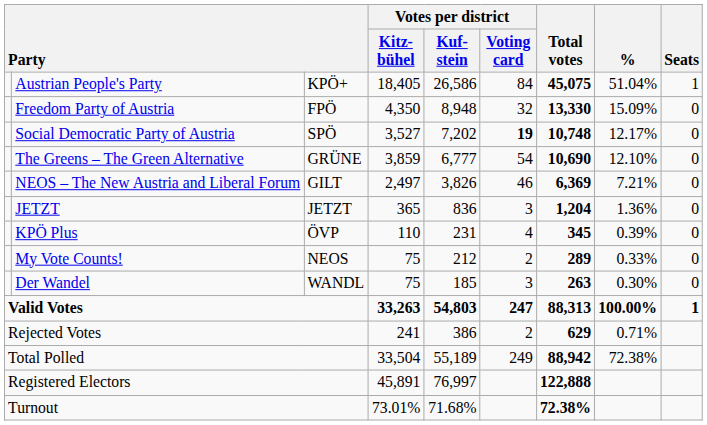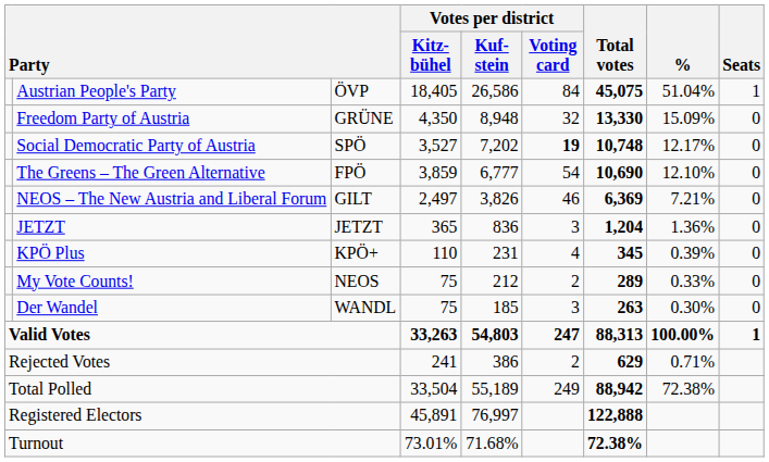 <table class="wikitable" border="1" style="text-align:right;">
 <tr>
 <th style="text-align:left;" valign=bottom rowspan=2 colspan=3>Party</th>
 <th colspan=3>Votes per district</th>
 <th align=center valign=bottom rowspan=2 width="50">Total<br>votes</th>
 <th align=center valign=bottom rowspan=2 width="50">%</th>
 <th align=center valign=bottom rowspan=2>Seats</th>
 </tr>
 <tr>
 <th align=center valign=bottom width="50"><a href='#'>Kitz-<br>bühel</a></th>
 <th align=center valign=bottom width="50"><a href='#'>Kuf-<br>stein</a></th>
 <th align=center valign=bottom width="50"><a href='#'>Voting<br>card</a></th>
 </tr>
 <tr>
 <td></td>
 <td align=left><a href='#'>Austrian People's Party</a></td>
-<td align=left>KPÖ+</td>
+<td align=left>ÖVP</td>
 <td>18,405</td>
 <td>26,586</td>
 <td>84</td>
 <td><strong>45,075</strong></td>
 <td>51.04%</td>
 <td>1</td>
 </tr>
 <tr>
 <td></td>
 <td align=left><a href='#'>Freedom Party of Austria</a></td>
-<td align=left>FPÖ</td>
+<td align=left>GRÜNE</td>
 <td>4,350</td>
 <td>8,948</td>
 <td>32</td>
 <td><strong>13,330</strong></td>
 <td>15.09%</td>
 <td>0</td>
 </tr>
 <tr>
 <td></td>
 <td align=left><a href='#'>Social Democratic Party of Austria</a></td>
 <td align=left>SPÖ</td>
 <td>3,527</td>
 <td>7,202</td>
 <td><strong>19</strong></td>
 <td><strong>10,748</strong></td>
 <td>12.17%</td>
 <td>0</td>
 </tr>
 <tr>
 <td></td>
 <td align=left><a href='#'>The Greens – The Green Alternative</a></td>
-<td align=left>GRÜNE</td>
+<td align=left>FPÖ</td>
 <td>3,859</td>
 <td>6,777</td>
 <td>54</td>
 <td><strong>10,690</strong></td>
 <td>12.10%</td>
 <td>0</td>
 </tr>
 <tr>
 <td></td>
 <td align=left style="white-space: nowrap;"><a href='#'>NEOS – The New Austria and Liberal Forum</a></td>
 <td align=left>GILT</td>
 <td>2,497</td>
 <td>3,826</td>
 <td>46</td>
 <td><strong>6,369</strong></td>
 <td>7.21%</td>
 <td>0</td>
 </tr>
 <tr>
 <td></td>
 <td align=left><a href='#'>JETZT</a></td>
 <td align=left>JETZT</td>
 <td>365</td>
 <td>836</td>
 <td>3</td>
 <td><strong>1,204</strong></td>
 <td>1.36%</td>
 <td>0</td>
 </tr>
 <tr>
 <td></td>
 <td align=left><a href='#'>KPÖ Plus</a></td>
-<td align=left>ÖVP</td>
+<td align=left>KPÖ+</td>
 <td>110</td>
 <td>231</td>
 <td>4</td>
 <td><strong>345</strong></td>
 <td>0.39%</td>
 <td>0</td>
 </tr>
 <tr>
 <td></td>
 <td align=left><a href='#'>My Vote Counts!</a></td>
 <td align=left>NEOS</td>
 <td>75</td>
 <td>212</td>
 <td>2</td>
 <td><strong>289</strong></td>
 <td>0.33%</td>
 <td>0</td>
 </tr>
 <tr>
 <td></td>
 <td align=left><a href='#'>Der Wandel</a></td>
 <td align=left>WANDL</td>
 <td>75</td>
 <td>185</td>
 <td>3</td>
 <td><strong>263</strong></td>
 <td>0.30%</td>
 <td>0</td>
 </tr>
 <tr style="font-weight:bold">
 <td align=left colspan=3>Valid Votes</td>
 <td>33,263</td>
 <td>54,803</td>
 <td>247</td>
 <td>88,313</td>
 <td>100.00%</td>
 <td>1</td>
 </tr>
 <tr>
 <td align=left colspan=3>Rejected Votes</td>
 <td>241</td>
 <td>386</td>
 <td>2</td>
 <td><strong>629</strong></td>
 <td>0.71%</td>
 <td></td>
 </tr>
 <tr>
 <td align=left colspan=3>Total Polled</td>
 <td>33,504</td>
 <td>55,189</td>
 <td>249</td>
 <td><strong>88,942</strong></td>
 <td>72.38%</td>
 <td></td>
 </tr>
 <tr>
 <td align=left colspan=3>Registered Electors</td>
 <td>45,891</td>
 <td>76,997</td>
 <td></td>
 <td><strong>122,888</strong></td>
 <td></td>
 <td></td>
 </tr>
 <tr>
 <td align=left colspan=3>Turnout</td>
 <td>73.01%</td>
 <td>71.68%</td>
 <td></td>
 <td><strong>72.38%</strong></td>
 <td></td>
 <td></td>
 </tr>
 </table>
